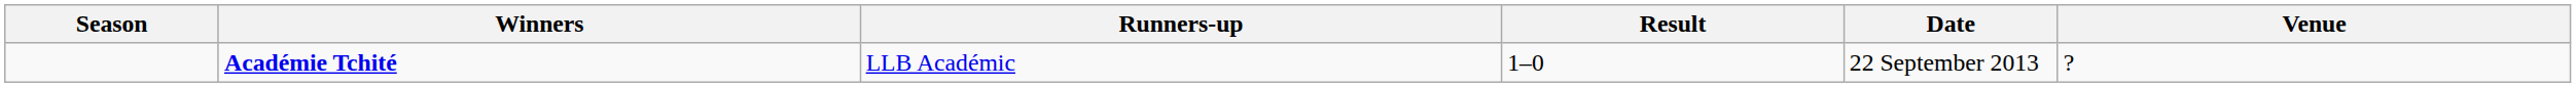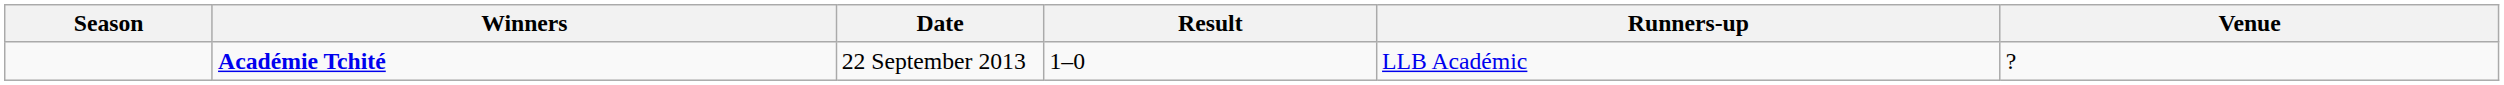 <table class=wikitable style="width:85%">
 <tr>
 <th style="width:5%;">Season</th>
 <th style="width:15%;">Winners</th>
+<th style="width: 5%">Date</th>
+<th style="width: 8%;">Result</th>
 <th style="width:15%;">Runners-up</th>
-<th style="width: 8%;">Result</th>
-<th style="width: 5%">Date</th>
 <th style="width:12%;">Venue</th>
 </tr>
 <tr>
 <td></td>
 <td><strong><a href='#'>Académie Tchité</a></strong></td>
+<td>22 September 2013</td>
+<td>1–0 </td>
 <td><a href='#'>LLB Académic</a></td>
-<td>1–0 </td>
-<td>22 September 2013</td>
 <td>?</td>
 </tr>
 </table>
